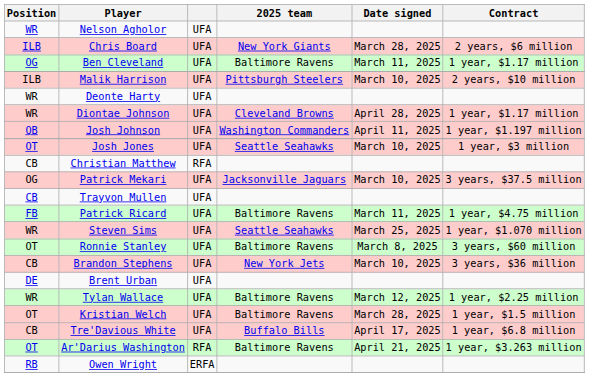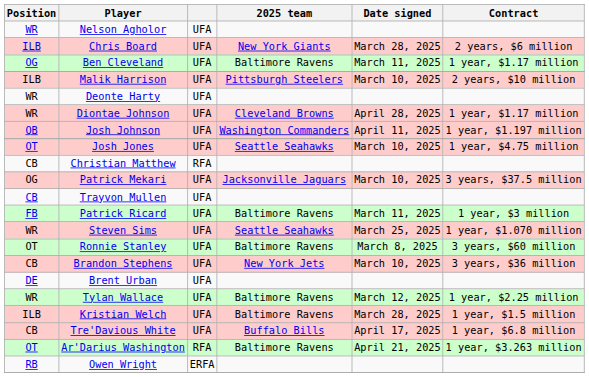 <table class="wikitable" style="text-align:center">
 <tr>
 <th>Position</th>
 <th>Player</th>
 <th></th>
 <th>2025 team</th>
 <th>Date signed</th>
 <th>Contract</th>
 </tr>
 <tr>
 <td><a href='#'>WR</a></td>
 <td><a href='#'>Nelson Agholor</a></td>
 <td>UFA</td>
 <td></td>
 <td></td>
 <td></td>
 </tr>
 <tr style="background:#fcc;">
 <td><a href='#'>ILB</a></td>
 <td><a href='#'>Chris Board</a></td>
 <td>UFA</td>
 <td><a href='#'>New York Giants</a></td>
 <td>March 28, 2025</td>
 <td>2 years, $6 million</td>
 </tr>
 <tr style="background:#cfc;">
 <td><a href='#'>OG</a></td>
 <td><a href='#'>Ben Cleveland</a></td>
 <td>UFA</td>
 <td>Baltimore Ravens</td>
 <td>March 11, 2025</td>
 <td>1 year, $1.17 million</td>
 </tr>
 <tr>
 </tr>
 <tr style="background:#fcc;">
 <td>ILB</td>
 <td><a href='#'>Malik Harrison</a></td>
 <td>UFA</td>
 <td><a href='#'>Pittsburgh Steelers</a></td>
 <td>March 10, 2025</td>
 <td>2 years, $10 million</td>
 </tr>
 <tr>
 <td>WR</td>
 <td><a href='#'>Deonte Harty</a></td>
 <td>UFA</td>
 <td></td>
 <td></td>
 <td></td>
 </tr>
 <tr style="background:#fcc;">
 <td>WR</td>
 <td><a href='#'>Diontae Johnson</a></td>
 <td>UFA</td>
 <td><a href='#'>Cleveland Browns</a></td>
 <td>April 28, 2025</td>
 <td>1 year, $1.17 million</td>
 </tr>
 <tr style="background:#fcc;">
 <td><a href='#'>QB</a></td>
 <td><a href='#'>Josh Johnson</a></td>
 <td>UFA</td>
 <td><a href='#'>Washington Commanders</a></td>
 <td>April 11, 2025</td>
 <td>1 year, $1.197 million</td>
 </tr>
 <tr style="background:#cfc;">
 </tr>
 <tr style="background:#fcc;">
 <td><a href='#'>OT</a></td>
 <td><a href='#'>Josh Jones</a></td>
 <td>UFA</td>
 <td><a href='#'>Seattle Seahawks</a></td>
 <td>March 10, 2025</td>
-<td>1 year, $3 million</td>
+<td>1 year, $4.75 million</td>
 </tr>
 <tr>
 <td>CB</td>
 <td><a href='#'>Christian Matthew</a></td>
 <td>RFA</td>
 <td></td>
 <td></td>
 <td></td>
 </tr>
 <tr style="background:#fcc;">
 <td>OG</td>
 <td><a href='#'>Patrick Mekari</a></td>
 <td>UFA</td>
 <td><a href='#'>Jacksonville Jaguars</a></td>
 <td>March 10, 2025</td>
 <td>3 years, $37.5 million</td>
 </tr>
 <tr>
 <td><a href='#'>CB</a></td>
 <td><a href='#'>Trayvon Mullen</a></td>
 <td>UFA</td>
 <td></td>
 <td></td>
 <td></td>
 </tr>
 <tr style="background:#cfc;">
 <td><a href='#'>FB</a></td>
 <td><a href='#'>Patrick Ricard</a></td>
 <td>UFA</td>
 <td>Baltimore Ravens</td>
 <td>March 11, 2025</td>
-<td>1 year, $4.75 million</td>
+<td>1 year, $3 million</td>
 </tr>
 <tr style="background:#fcc;">
 <td>WR</td>
 <td><a href='#'>Steven Sims</a></td>
 <td>UFA</td>
 <td><a href='#'>Seattle Seahawks</a></td>
 <td>March 25, 2025</td>
 <td>1 year, $1.070 million</td>
 </tr>
 <tr style="background:#cfc;">
 <td>OT</td>
 <td><a href='#'>Ronnie Stanley</a></td>
 <td>UFA</td>
 <td>Baltimore Ravens</td>
 <td>March 8, 2025</td>
 <td>3 years, $60 million</td>
 </tr>
 <tr style="background:#fcc;">
 <td>CB</td>
 <td><a href='#'>Brandon Stephens</a></td>
 <td>UFA</td>
 <td><a href='#'>New York Jets</a></td>
 <td>March 10, 2025</td>
 <td>3 years, $36 million</td>
 </tr>
 <tr>
 <td><a href='#'>DE</a></td>
 <td><a href='#'>Brent Urban</a></td>
 <td>UFA</td>
 <td></td>
 <td></td>
 <td></td>
 </tr>
 <tr style="background:#cfc;">
 <td>WR</td>
 <td><a href='#'>Tylan Wallace</a></td>
 <td>UFA</td>
 <td>Baltimore Ravens</td>
 <td>March 12, 2025</td>
 <td>1 year, $2.25 million</td>
 </tr>
 <tr style="background:#fcc;">
-<td>OT</td>
+<td>ILB</td>
 <td><a href='#'>Kristian Welch</a></td>
 <td>UFA</td>
 <td>Baltimore Ravens</td>
 <td>March 28, 2025</td>
 <td>1 year, $1.5 million</td>
 </tr>
 <tr style="background:#fcc;">
 <td>CB</td>
 <td><a href='#'>Tre'Davious White</a></td>
 <td>UFA</td>
 <td><a href='#'>Buffalo Bills</a></td>
 <td>April 17, 2025</td>
 <td>1 year, $6.8 million</td>
 </tr>
 <tr style="background:#cfc;">
 <td><a href='#'>OT</a></td>
 <td><a href='#'>Ar'Darius Washington</a></td>
 <td>RFA</td>
 <td>Baltimore Ravens</td>
 <td>April 21, 2025</td>
 <td>1 year, $3.263 million</td>
 </tr>
 <tr>
 <td><a href='#'>RB</a></td>
 <td><a href='#'>Owen Wright</a></td>
 <td>ERFA</td>
 <td></td>
 <td></td>
 <td></td>
 </tr>
 <tr>
 </tr>
 </table>
